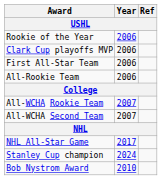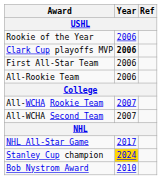 <table class="wikitable">
 <tr>
 <th>Award</th>
 <th>Year</th>
 <th>Ref</th>
 </tr>
 <tr>
 <th colspan="3"><a href='#'>USHL</a></th>
 </tr>
 <tr>
 <td>Rookie of the Year</td>
 <td><a href='#'>2006</a></td>
 <td></td>
 </tr>
 <tr>
 <td><a href='#'>Clark Cup</a> playoffs MVP</td>
-<td>2006</td>
+<td><strong>2006</strong></td>
 <td></td>
 </tr>
 <tr>
 <td>First All-Star Team</td>
 <td>2006</td>
 <td></td>
 </tr>
 <tr>
 <td>All-Rookie Team</td>
 <td>2006</td>
 <td></td>
 </tr>
 <tr>
 <th colspan="3"><a href='#'>College</a></th>
 </tr>
 <tr>
 <td>All-<a href='#'>WCHA</a> <a href='#'>Rookie Team</a></td>
 <td><a href='#'>2007</a></td>
 <td></td>
 </tr>
 <tr>
 <td>All-WCHA <a href='#'>Second Team</a></td>
 <td>2007</td>
 <td></td>
 </tr>
 <tr>
 <th colspan="3"><a href='#'>NHL</a></th>
 </tr>
 <tr>
 <td><a href='#'>NHL All-Star Game</a></td>
 <td><a href='#'>2017</a></td>
 <td></td>
 </tr>
 <tr>
 <td><a href='#'>Stanley Cup</a> champion</td>
-<td><a href='#'>2024</a></td>
+<td style="background: gold;"><a href='#'>2024</a></td>
 <td></td>
 </tr>
 <tr>
 <td><a href='#'>Bob Nystrom Award</a></td>
 <td><a href='#'>2010</a></td>
 <td></td>
 </tr>
 </table>
